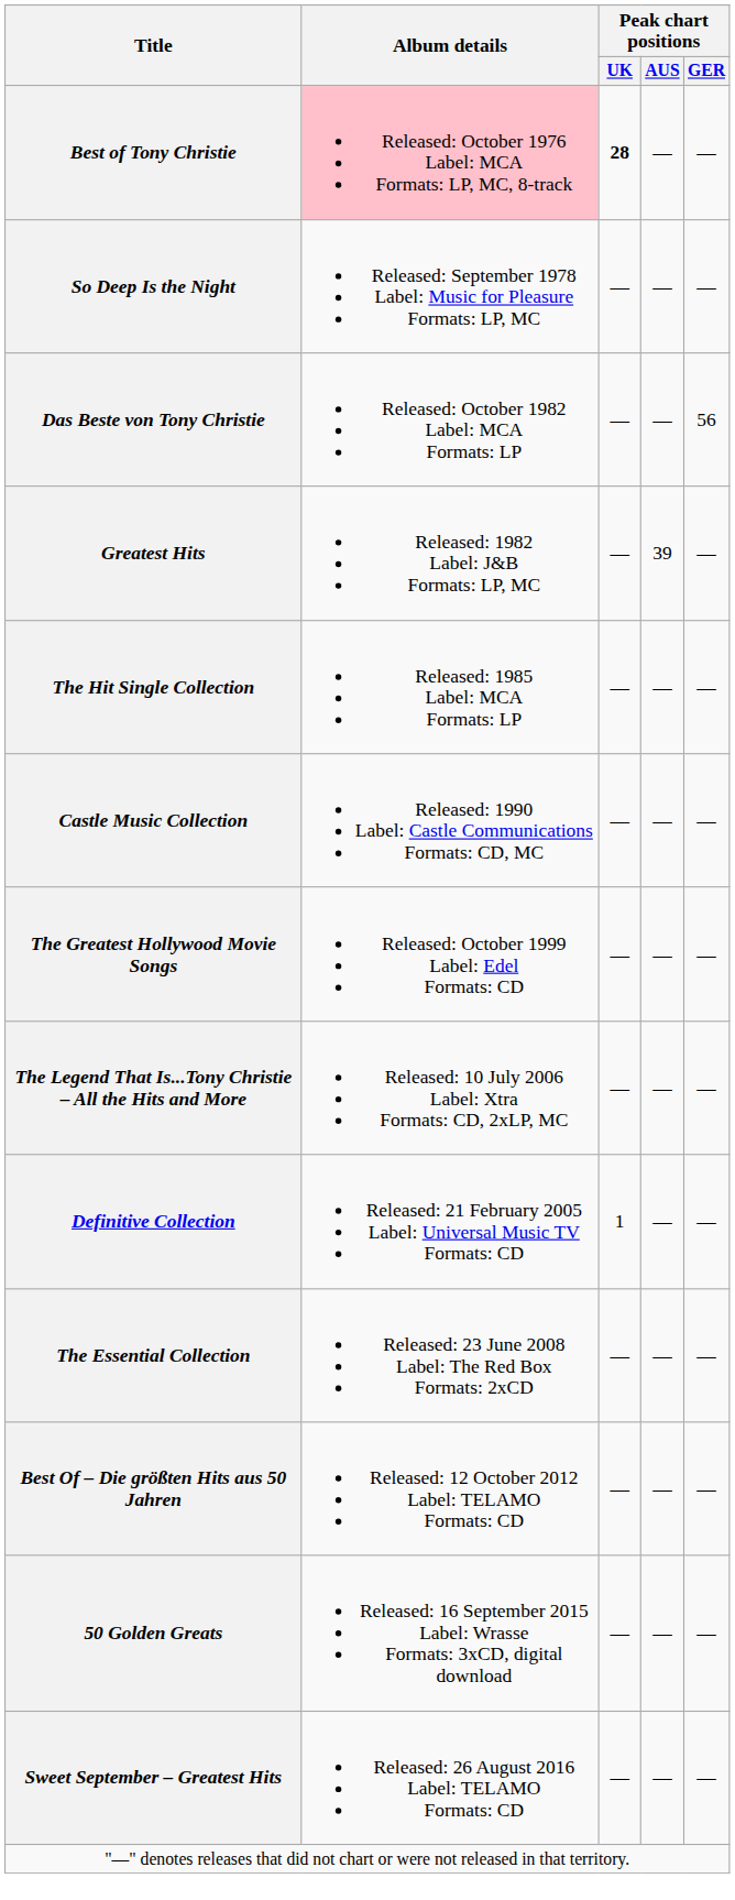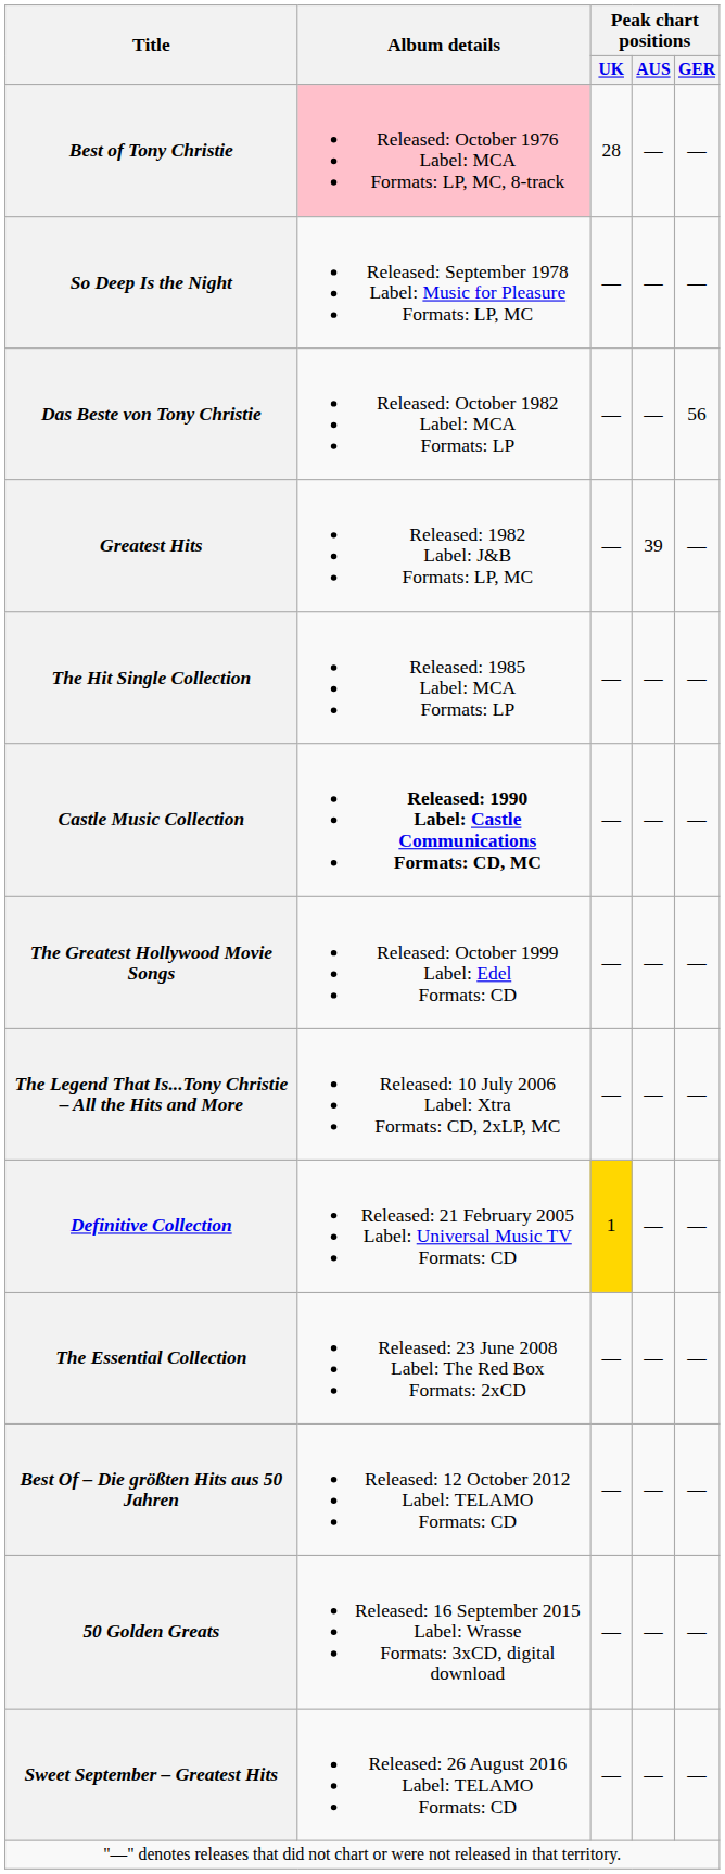 <table class="wikitable plainrowheaders" style="text-align:center;">
 <tr>
 <th rowspan="2" scope="col" style="width:15em;">Title</th>
 <th rowspan="2" scope="col" style="width:15em;">Album details</th>
 <th colspan="3">Peak chart positions</th>
 </tr>
 <tr>
 <th scope="col" style="width:2em;font-size:90%;"><a href='#'>UK</a><br></th>
 <th scope="col" style="width:2em;font-size:90%;"><a href='#'>AUS</a><br></th>
 <th scope="col" style="width:2em;font-size:90%;"><a href='#'>GER</a><br></th>
 </tr>
 <tr>
 <th scope="row"><em>Best of Tony Christie</em></th>
 <td style="background: pink;"><br><ul><li>Released: October 1976</li><li>Label: MCA</li><li>Formats: LP, MC, 8-track</li></ul></td>
-<td><strong>28</strong></td>
+<td>28</td>
 <td>—</td>
 <td>—</td>
 </tr>
 <tr>
 <th scope="row"><em>So Deep Is the Night</em></th>
 <td><br><ul><li>Released: September 1978</li><li>Label: <a href='#'>Music for Pleasure</a></li><li>Formats: LP, MC</li></ul></td>
 <td>—</td>
 <td>—</td>
 <td>—</td>
 </tr>
 <tr>
 <th scope="row"><em>Das Beste von Tony Christie</em></th>
 <td><br><ul><li>Released: October 1982</li><li>Label: MCA</li><li>Formats: LP</li></ul></td>
 <td>—</td>
 <td>—</td>
 <td>56</td>
 </tr>
 <tr>
 <th scope="row"><em>Greatest Hits</em></th>
 <td><br><ul><li>Released: 1982</li><li>Label: J&B</li><li>Formats: LP, MC</li></ul></td>
 <td>—</td>
 <td>39</td>
 <td>—</td>
 </tr>
 <tr>
 <th scope="row"><em>The Hit Single Collection</em></th>
 <td><br><ul><li>Released: 1985</li><li>Label: MCA</li><li>Formats: LP</li></ul></td>
 <td>—</td>
 <td>—</td>
 <td>—</td>
 </tr>
 <tr>
 <th scope="row"><em>Castle Music Collection</em></th>
-<td><br><ul><li>Released: 1990</li><li>Label: <a href='#'>Castle Communications</a></li><li>Formats: CD, MC</li></ul></td>
+<td><strong><br><ul><li>Released: 1990</li><li>Label: <a href='#'>Castle Communications</a></li><li>Formats: CD, MC</li></ul></strong></td>
 <td>—</td>
 <td>—</td>
 <td>—</td>
 </tr>
 <tr>
 <th scope="row"><em>The Greatest Hollywood Movie Songs</em></th>
 <td><br><ul><li>Released: October 1999</li><li>Label: <a href='#'>Edel</a></li><li>Formats: CD</li></ul></td>
 <td>—</td>
 <td>—</td>
 <td>—</td>
 </tr>
 <tr>
 <th scope="row"><em>The Legend That Is...Tony Christie – All the Hits and More</em></th>
 <td><br><ul><li>Released: 10 July 2006</li><li>Label: Xtra</li><li>Formats: CD, 2xLP, MC</li></ul></td>
 <td>—</td>
 <td>—</td>
 <td>—</td>
 </tr>
 <tr>
 <th scope="row"><em><a href='#'>Definitive Collection</a></em></th>
 <td><br><ul><li>Released: 21 February 2005</li><li>Label: <a href='#'>Universal Music TV</a></li><li>Formats: CD</li></ul></td>
-<td>1</td>
+<td style="background: gold;">1</td>
 <td>—</td>
 <td>—</td>
 </tr>
 <tr>
 <th scope="row"><em>The Essential Collection</em></th>
 <td><br><ul><li>Released: 23 June 2008</li><li>Label: The Red Box</li><li>Formats: 2xCD</li></ul></td>
 <td>—</td>
 <td>—</td>
 <td>—</td>
 </tr>
 <tr>
 <th scope="row"><em>Best Of – Die größten Hits aus 50 Jahren</em></th>
 <td><br><ul><li>Released: 12 October 2012</li><li>Label: TELAMO</li><li>Formats: CD</li></ul></td>
 <td>—</td>
 <td>—</td>
 <td>—</td>
 </tr>
 <tr>
 <th scope="row"><em>50 Golden Greats</em></th>
 <td><br><ul><li>Released: 16 September 2015</li><li>Label: Wrasse</li><li>Formats: 3xCD, digital download</li></ul></td>
 <td>—</td>
 <td>—</td>
 <td>—</td>
 </tr>
 <tr>
 <th scope="row"><em>Sweet September – Greatest Hits</em></th>
 <td><br><ul><li>Released: 26 August 2016</li><li>Label: TELAMO</li><li>Formats: CD</li></ul></td>
 <td>—</td>
 <td>—</td>
 <td>—</td>
 </tr>
 <tr>
 <td colspan="5" style="font-size:90%">"—" denotes releases that did not chart or were not released in that territory.</td>
 </tr>
 </table>
